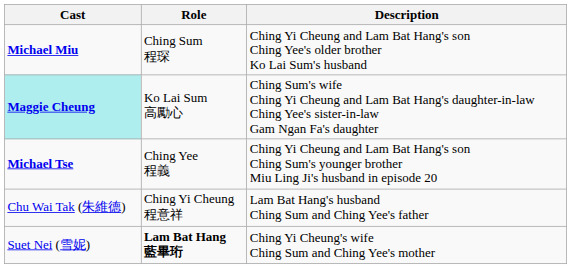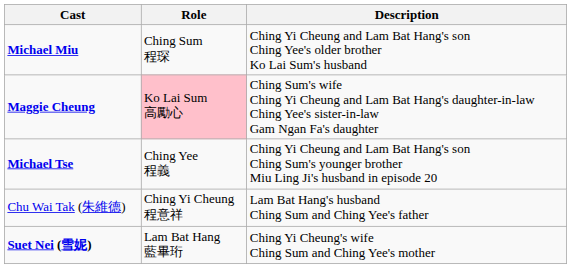 <table class="wikitable" width="55%">
 <tr>
 <th>Cast</th>
 <th>Role</th>
 <th>Description</th>
 </tr>
 <tr>
 <td><strong><a href='#'>Michael Miu</a></strong></td>
 <td>Ching Sum <br> 程琛</td>
 <td>Ching Yi Cheung and Lam Bat Hang's son <br> Ching Yee's older brother <br> Ko Lai Sum's husband</td>
 </tr>
 <tr>
-<td style="background: paleturquoise;"><strong><a href='#'>Maggie Cheung</a></strong></td>
-<td>Ko Lai Sum <br> 高勵心</td>
+<td><strong><a href='#'>Maggie Cheung</a></strong></td>
+<td style="background: pink;">Ko Lai Sum <br> 高勵心</td>
 <td>Ching Sum's wife <br> Ching Yi Cheung and Lam Bat Hang's daughter-in-law <br> Ching Yee's sister-in-law <br> Gam Ngan Fa's daughter</td>
 </tr>
 <tr>
 <td><strong><a href='#'>Michael Tse</a></strong></td>
 <td>Ching Yee <br> 程義</td>
 <td>Ching Yi Cheung and Lam Bat Hang's son <br> Ching Sum's younger brother <br> Miu Ling Ji's husband in episode 20</td>
 </tr>
 <tr>
 <td><a href='#'>Chu Wai Tak</a> (<a href='#'>朱維德</a>)</td>
 <td>Ching Yi Cheung <br> 程意祥</td>
 <td>Lam Bat Hang's husband <br> Ching Sum and Ching Yee's father</td>
 </tr>
 <tr>
-<td><a href='#'>Suet Nei</a> (<a href='#'>雪妮</a>)</td>
-<td><strong>Lam Bat Hang <br> 藍畢珩</strong></td>
+<td><strong><a href='#'>Suet Nei</a> (<a href='#'>雪妮</a>)</strong></td>
+<td>Lam Bat Hang <br> 藍畢珩</td>
 <td>Ching Yi Cheung's wife <br> Ching Sum and Ching Yee's mother</td>
 </tr>
 </table>
